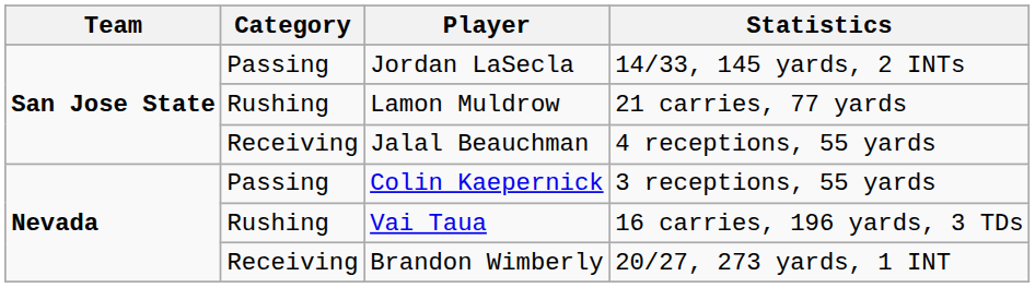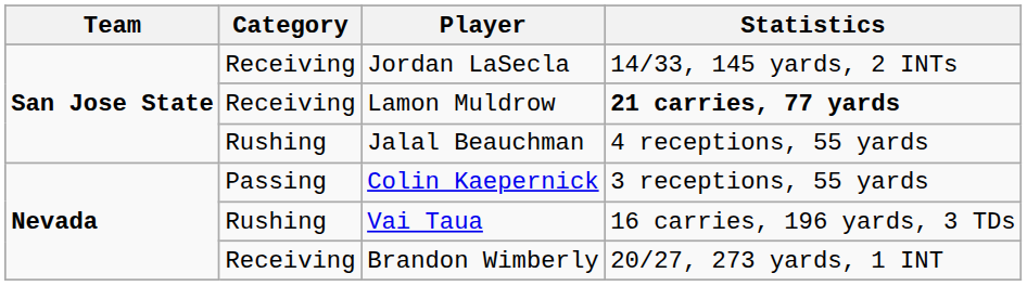 <table class="wikitable" style="float: left;">
 <tr>
 <th>Team</th>
 <th>Category</th>
 <th>Player</th>
 <th>Statistics</th>
 </tr>
 <tr>
 <td rowspan=3><strong>San Jose State</strong></td>
-<td>Passing</td>
+<td>Receiving</td>
 <td>Jordan LaSecla</td>
 <td>14/33, 145 yards, 2 INTs</td>
 </tr>
 <tr>
-<td>Rushing</td>
+<td>Receiving</td>
 <td>Lamon Muldrow</td>
-<td>21 carries, 77 yards</td>
+<td><strong>21 carries, 77 yards</strong></td>
 </tr>
 <tr>
-<td>Receiving</td>
+<td>Rushing</td>
 <td>Jalal Beauchman</td>
 <td>4 receptions, 55 yards</td>
 </tr>
 <tr>
 <td rowspan=3><strong>Nevada</strong></td>
 <td>Passing</td>
 <td><a href='#'>Colin Kaepernick</a></td>
 <td>3 receptions, 55 yards</td>
 </tr>
 <tr>
 <td>Rushing</td>
 <td><a href='#'>Vai Taua</a></td>
 <td>16 carries, 196 yards, 3 TDs</td>
 </tr>
 <tr>
 <td>Receiving</td>
 <td>Brandon Wimberly</td>
 <td>20/27, 273 yards, 1 INT</td>
 </tr>
 </table>
